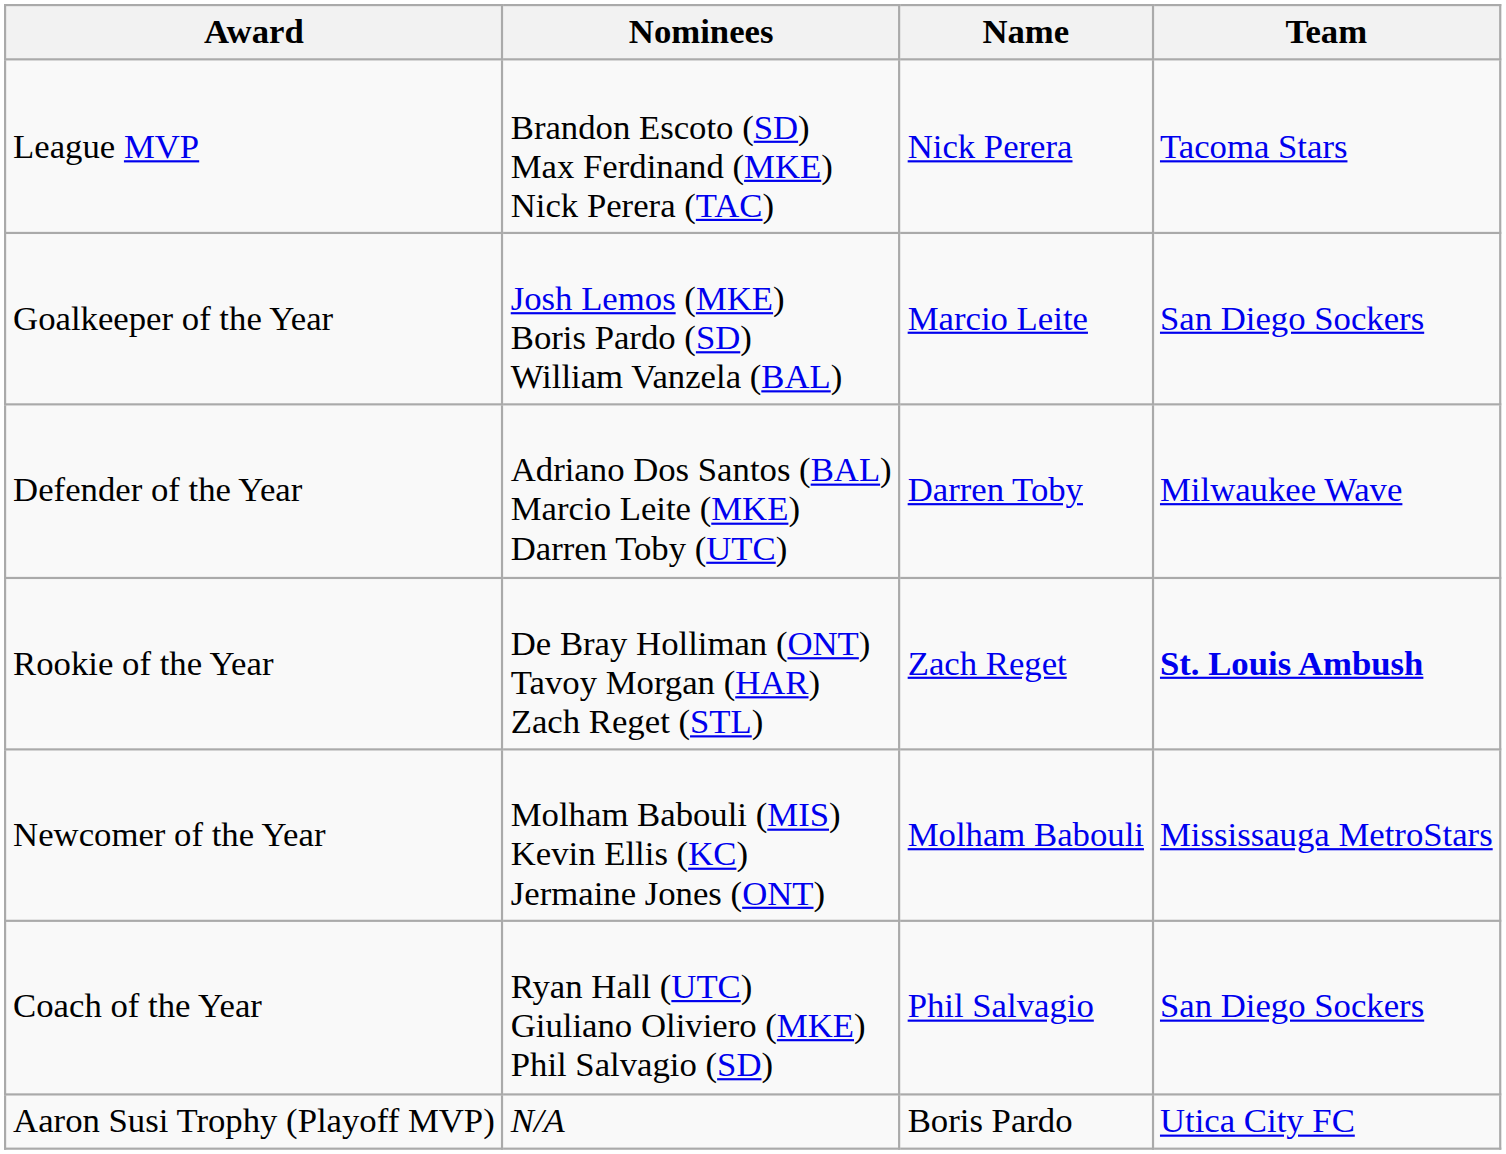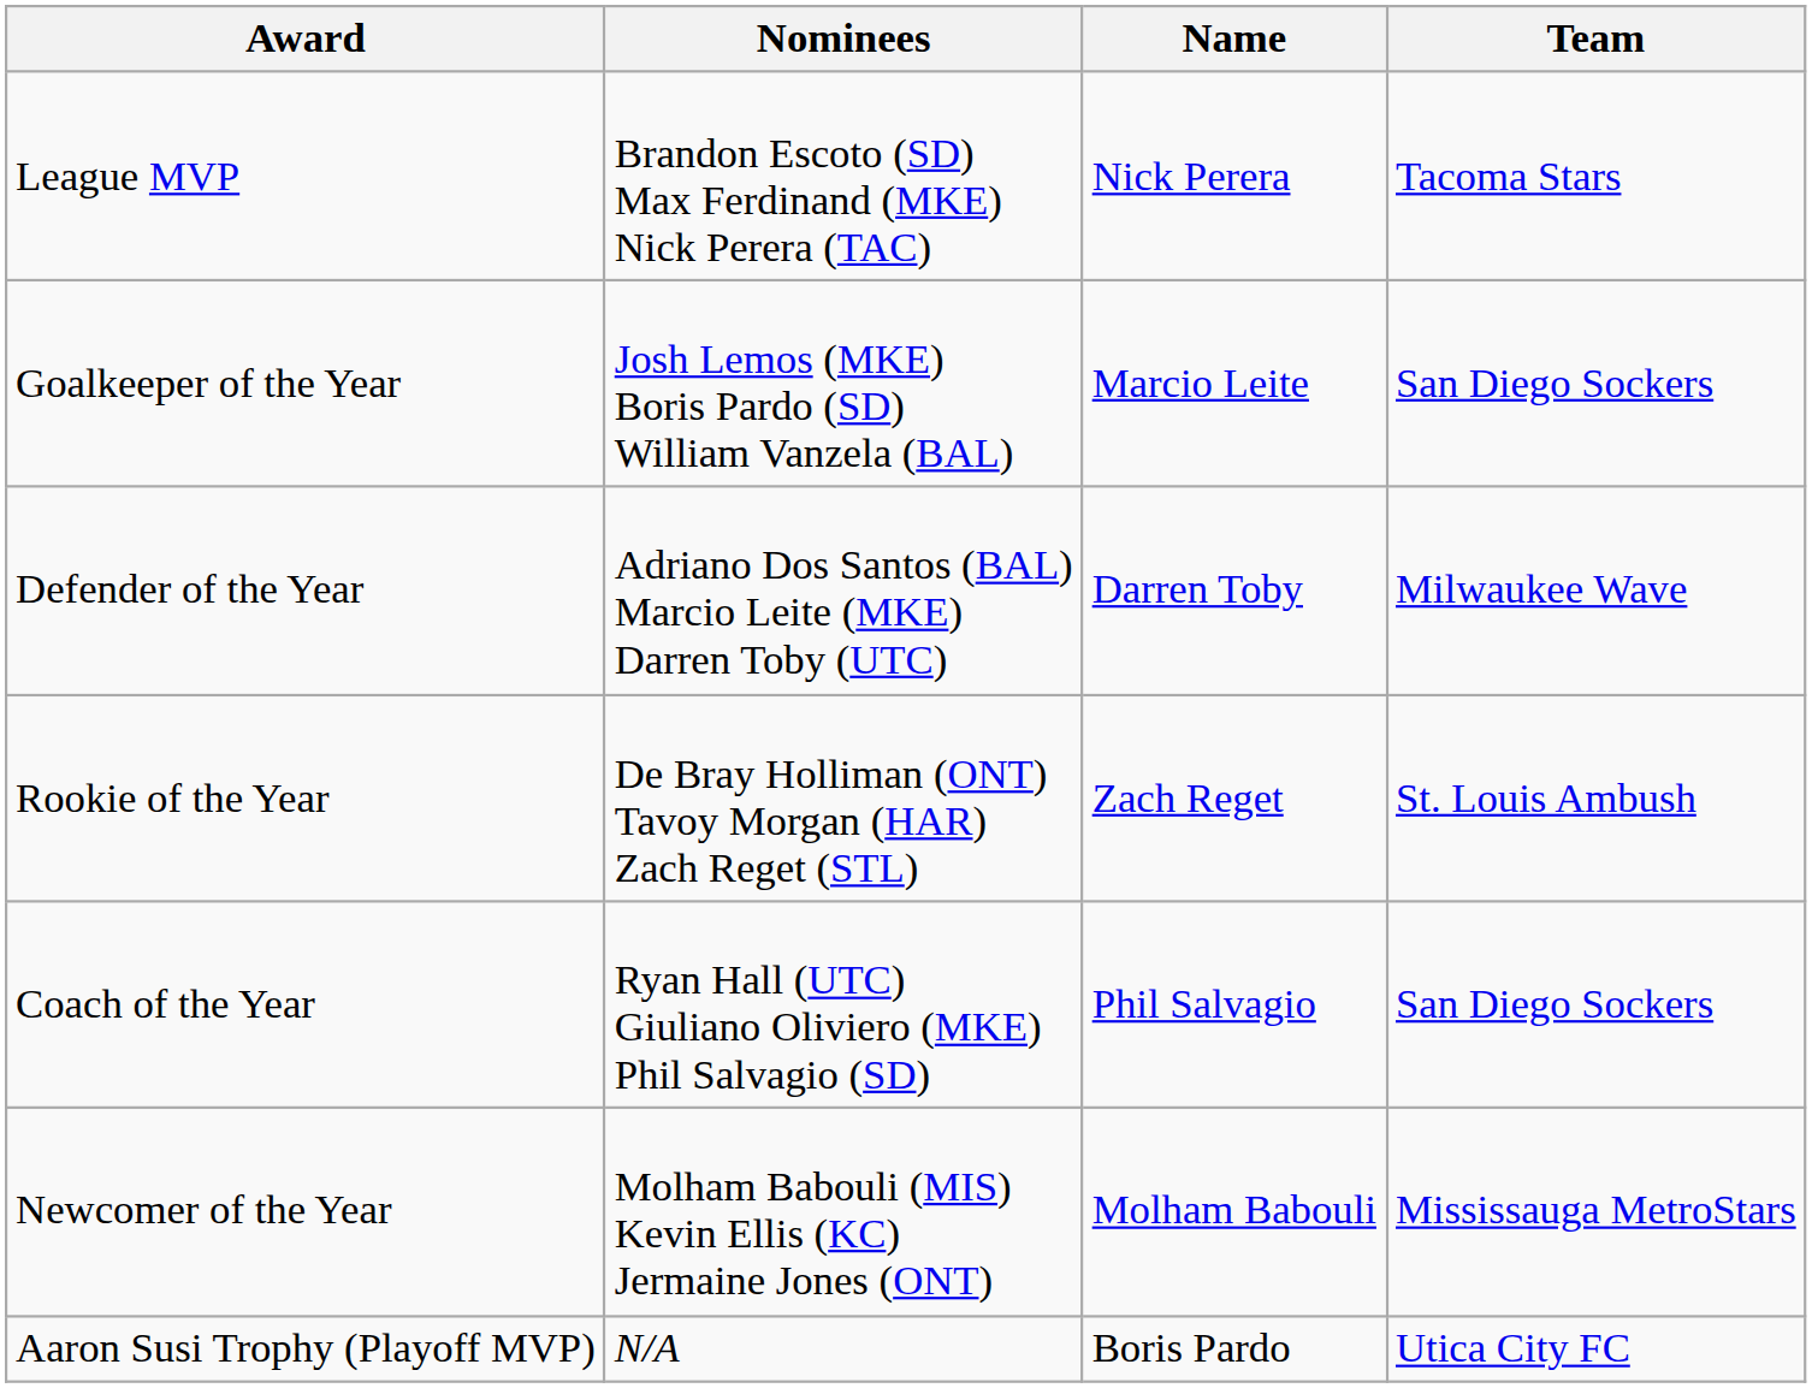 <table class="wikitable">
 <tr>
 <th>Award</th>
 <th>Nominees</th>
 <th>Name</th>
 <th>Team</th>
 </tr>
 <tr>
 <td>League <a href='#'>MVP</a></td>
 <td><br>Brandon Escoto (<a href='#'>SD</a>)<br> Max Ferdinand (<a href='#'>MKE</a>)<br> Nick Perera (<a href='#'>TAC</a>)</td>
 <td><a href='#'>Nick Perera</a></td>
 <td><a href='#'>Tacoma Stars</a></td>
 </tr>
 <tr>
 <td>Goalkeeper of the Year</td>
 <td><br><a href='#'>Josh Lemos</a> (<a href='#'>MKE</a>)<br> Boris Pardo (<a href='#'>SD</a>)<br> William Vanzela (<a href='#'>BAL</a>)</td>
 <td><a href='#'>Marcio Leite</a></td>
 <td><a href='#'>San Diego Sockers</a></td>
 </tr>
 <tr>
 <td>Defender of the Year</td>
 <td><br>Adriano Dos Santos (<a href='#'>BAL</a>)<br> Marcio Leite (<a href='#'>MKE</a>)<br> Darren Toby (<a href='#'>UTC</a>)</td>
 <td><a href='#'>Darren Toby</a></td>
 <td><a href='#'>Milwaukee Wave</a></td>
 </tr>
 <tr>
 <td>Rookie of the Year</td>
 <td><br>De Bray Holliman (<a href='#'>ONT</a>)<br> Tavoy Morgan (<a href='#'>HAR</a>)<br> Zach Reget (<a href='#'>STL</a>)</td>
 <td><a href='#'>Zach Reget</a></td>
-<td><strong><a href='#'>St. Louis Ambush</a></strong></td>
+<td><a href='#'>St. Louis Ambush</a></td>
+</tr>
+<tr>
+<td>Coach of the Year</td>
+<td><br>Ryan Hall (<a href='#'>UTC</a>)<br> Giuliano Oliviero (<a href='#'>MKE</a>)<br> Phil Salvagio (<a href='#'>SD</a>)</td>
+<td><a href='#'>Phil Salvagio</a></td>
+<td><a href='#'>San Diego Sockers</a></td>
 </tr>
 <tr>
 <td>Newcomer of the Year</td>
 <td><br>Molham Babouli (<a href='#'>MIS</a>)<br> Kevin Ellis (<a href='#'>KC</a>)<br> Jermaine Jones (<a href='#'>ONT</a>)</td>
 <td><a href='#'>Molham Babouli</a></td>
 <td><a href='#'>Mississauga MetroStars</a></td>
 </tr>
 <tr>
-<td>Coach of the Year</td>
-<td><br>Ryan Hall (<a href='#'>UTC</a>)<br> Giuliano Oliviero (<a href='#'>MKE</a>)<br> Phil Salvagio (<a href='#'>SD</a>)</td>
-<td><a href='#'>Phil Salvagio</a></td>
-<td><a href='#'>San Diego Sockers</a></td>
-</tr>
-<tr>
 <td>Aaron Susi Trophy (Playoff MVP)</td>
 <td><em>N/A</em></td>
 <td>Boris Pardo</td>
 <td><a href='#'>Utica City FC</a></td>
 </tr>
 </table>
